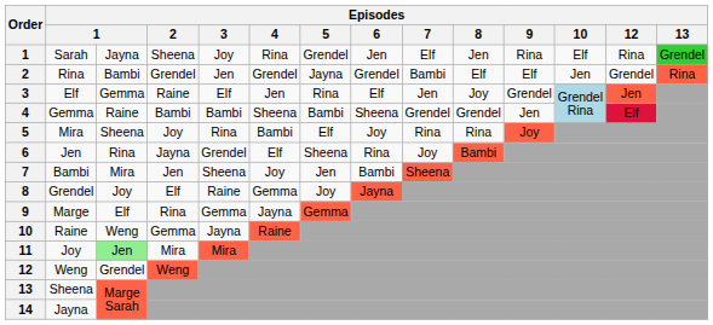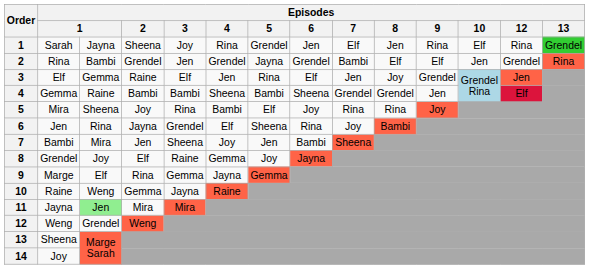 <table class="wikitable" style="text-align:center; font-size:92%">
 <tr>
 <th rowspan=2>Order</th>
 <th colspan="13">Episodes</th>
 </tr>
 <tr>
 <th colspan=2>1</th>
 <th>2</th>
 <th>3</th>
 <th>4</th>
 <th>5</th>
 <th>6</th>
 <th>7</th>
 <th>8</th>
 <th>9</th>
 <th>10</th>
 <th>12</th>
 <th>13</th>
 </tr>
 <tr>
 <th>1</th>
 <td>Sarah</td>
 <td>Jayna</td>
 <td>Sheena</td>
 <td>Joy</td>
 <td>Rina</td>
 <td>Grendel</td>
 <td>Jen</td>
 <td>Elf</td>
 <td>Jen</td>
 <td>Rina</td>
 <td>Elf</td>
 <td>Rina</td>
 <td style="background:Limegreen;">Grendel</td>
 </tr>
 <tr>
 <th>2</th>
 <td>Rina</td>
 <td>Bambi</td>
 <td>Grendel</td>
 <td>Jen</td>
 <td>Grendel</td>
 <td>Jayna</td>
 <td>Grendel</td>
 <td>Bambi</td>
 <td>Elf</td>
 <td>Elf</td>
 <td>Jen</td>
 <td>Grendel</td>
 <td style="background:tomato;">Rina</td>
 </tr>
 <tr>
 <th>3</th>
 <td>Elf</td>
 <td>Gemma</td>
 <td>Raine</td>
 <td>Elf</td>
 <td>Jen</td>
 <td>Rina</td>
 <td>Elf</td>
 <td>Jen</td>
 <td>Joy</td>
 <td>Grendel</td>
 <td rowspan=2 style="background:lightblue;">Grendel<br>Rina</td>
 <td style="background:tomato;">Jen</td>
 <td colspan="11" style="background:darkgray;"></td>
 </tr>
 <tr>
 <th>4</th>
 <td>Gemma</td>
 <td>Raine</td>
 <td>Bambi</td>
 <td>Bambi</td>
 <td>Sheena</td>
 <td>Bambi</td>
 <td>Sheena</td>
 <td>Grendel</td>
 <td>Grendel</td>
 <td>Jen</td>
 <td bgcolor="crimson"><span>Elf</span></td>
 <td colspan="14" style="background:darkgray;"></td>
 </tr>
 <tr>
 <th>5</th>
 <td>Mira</td>
 <td>Sheena</td>
 <td>Joy</td>
 <td>Rina</td>
 <td>Bambi</td>
 <td>Elf</td>
 <td>Joy</td>
 <td>Rina</td>
 <td>Rina</td>
 <td style="background:tomato;">Joy</td>
 <td colspan="11" style="background:darkgray;"></td>
 </tr>
 <tr>
 <th>6</th>
 <td>Jen</td>
 <td>Rina</td>
 <td>Jayna</td>
 <td>Grendel</td>
 <td>Elf</td>
 <td>Sheena</td>
 <td>Rina</td>
 <td>Joy</td>
 <td style="background:tomato;">Bambi</td>
 <td colspan="11" style="background:darkgray;"></td>
 </tr>
 <tr>
 <th>7</th>
 <td>Bambi</td>
 <td>Mira</td>
 <td>Jen</td>
 <td>Sheena</td>
 <td>Joy</td>
 <td>Jen</td>
 <td>Bambi</td>
 <td style="background:tomato;">Sheena</td>
 <td colspan="11" style="background:darkgray;"></td>
 </tr>
 <tr>
 <th>8</th>
 <td>Grendel</td>
 <td>Joy</td>
 <td>Elf</td>
 <td>Raine</td>
 <td>Gemma</td>
 <td>Joy</td>
 <td style="background:tomato;">Jayna</td>
 <td colspan="11" style="background:darkgray;"></td>
 </tr>
 <tr>
 <th>9</th>
 <td>Marge</td>
 <td>Elf</td>
 <td>Rina</td>
 <td>Gemma</td>
 <td>Jayna</td>
 <td style="background:tomato;">Gemma</td>
 <td colspan="11" style="background:darkgray;"></td>
 </tr>
 <tr>
 <th>10</th>
 <td>Raine</td>
 <td>Weng</td>
 <td>Gemma</td>
 <td>Jayna</td>
 <td bgcolor="tomato">Raine</td>
 <td colspan="11" style="background:darkgray;"></td>
 </tr>
 <tr>
 <th>11</th>
-<td>Joy</td>
+<td>Jayna</td>
 <td style="background: lightgreen;">Jen</td>
 <td>Mira</td>
 <td style="background:tomato;">Mira</td>
 <td colspan="11" style="background:darkgray;"></td>
 </tr>
 <tr>
 <th>12</th>
 <td>Weng</td>
 <td>Grendel</td>
 <td style="background:tomato;">Weng</td>
 <td colspan="11" bgcolor="darkgray"></td>
 </tr>
 <tr>
 <th>13</th>
 <td>Sheena</td>
 <td rowspan=2 style="background:tomato;">Marge <br>Sarah</td>
 <td colspan="12" style="background:darkgray;"></td>
 </tr>
 <tr>
 <th>14</th>
-<td>Jayna</td>
+<td>Joy</td>
 <td colspan="12" style="background:darkgray;"></td>
 </tr>
 </table>
